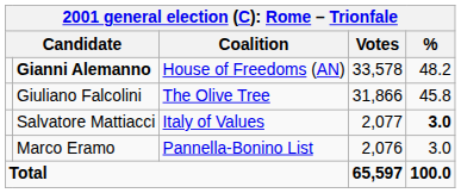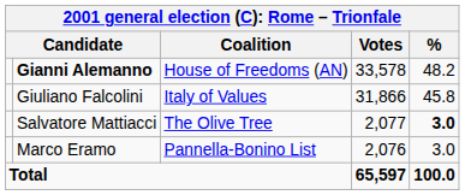 <table class=wikitable style=text-align:right>
 <tr>
 <th colspan=5><a href='#'>2001 general election</a> (<a href='#'>C</a>): <a href='#'>Rome</a> – <a href='#'>Trionfale</a></th>
 </tr>
 <tr>
 <th colspan=2>Candidate</th>
 <th>Coalition</th>
 <th>Votes</th>
 <th>%</th>
 </tr>
 <tr>
 <td></td>
 <td align=left><strong>Gianni Alemanno</strong></td>
 <td align=left><a href='#'>House of Freedoms</a> (<a href='#'>AN</a>)</td>
 <td>33,578</td>
 <td>48.2</td>
 </tr>
 <tr>
 <td></td>
 <td align=left>Giuliano Falcolini</td>
-<td align=left><a href='#'>The Olive Tree</a></td>
+<td align=left><a href='#'>Italy of Values</a></td>
 <td>31,866</td>
 <td>45.8</td>
 </tr>
 <tr>
 <td></td>
 <td align=left>Salvatore Mattiacci</td>
-<td align=left><a href='#'>Italy of Values</a></td>
+<td align=left><a href='#'>The Olive Tree</a></td>
 <td>2,077</td>
 <td><strong>3.0</strong></td>
 </tr>
 <tr>
 <td></td>
 <td align=left>Marco Eramo</td>
 <td align=left><a href='#'>Pannella-Bonino List</a></td>
 <td>2,076</td>
 <td>3.0</td>
 </tr>
 <tr>
 <td align=left colspan=3><strong>Total</strong></td>
 <td><strong>65,597</strong></td>
 <td><strong>100.0</strong></td>
 </tr>
 </table>
